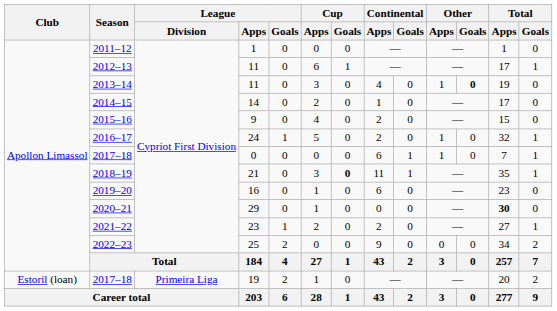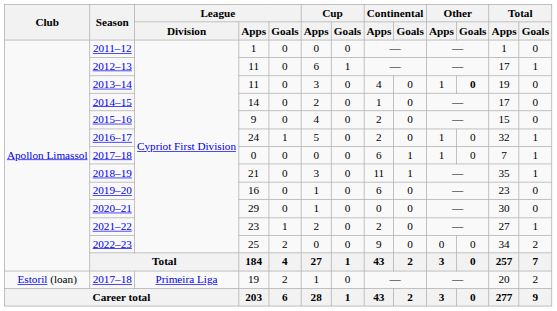 <table class="wikitable" style="text-align:center">
 <tr>
 <th rowspan="2">Club</th>
 <th rowspan="2">Season</th>
 <th colspan="3">League</th>
 <th colspan="2">Cup</th>
 <th colspan="2">Continental</th>
 <th colspan="2">Other</th>
 <th colspan="2">Total</th>
 </tr>
 <tr>
 <th>Division</th>
 <th>Apps</th>
 <th>Goals</th>
 <th>Apps</th>
 <th>Goals</th>
 <th>Apps</th>
 <th>Goals</th>
 <th>Apps</th>
 <th>Goals</th>
 <th>Apps</th>
 <th>Goals</th>
 </tr>
 <tr>
 <td rowspan="13"><a href='#'>Apollon Limassol</a></td>
 <td><a href='#'>2011–12</a></td>
 <td rowspan="12"><a href='#'>Cypriot First Division</a></td>
 <td>1</td>
 <td>0</td>
 <td>0</td>
 <td>0</td>
 <td colspan="2">—</td>
 <td colspan="2">—</td>
 <td>1</td>
 <td>0</td>
 </tr>
 <tr>
 <td><a href='#'>2012–13</a></td>
 <td>11</td>
 <td>0</td>
 <td>6</td>
 <td>1</td>
 <td colspan="2">—</td>
 <td colspan="2">—</td>
 <td>17</td>
 <td>1</td>
 </tr>
 <tr>
 <td><a href='#'>2013–14</a></td>
 <td>11</td>
 <td>0</td>
 <td>3</td>
 <td>0</td>
 <td>4</td>
 <td>0</td>
 <td>1</td>
 <td><strong>0</strong></td>
 <td>19</td>
 <td>0</td>
 </tr>
 <tr>
 <td><a href='#'>2014–15</a></td>
 <td>14</td>
 <td>0</td>
 <td>2</td>
 <td>0</td>
 <td>1</td>
 <td>0</td>
 <td colspan="2">—</td>
 <td>17</td>
 <td>0</td>
 </tr>
 <tr>
 <td><a href='#'>2015–16</a></td>
 <td>9</td>
 <td>0</td>
 <td>4</td>
 <td>0</td>
 <td>2</td>
 <td>0</td>
 <td colspan="2">—</td>
 <td>15</td>
 <td>0</td>
 </tr>
 <tr>
 <td><a href='#'>2016–17</a></td>
 <td>24</td>
 <td>1</td>
 <td>5</td>
 <td>0</td>
 <td>2</td>
 <td>0</td>
 <td>1</td>
 <td>0</td>
 <td>32</td>
 <td>1</td>
 </tr>
 <tr>
 <td><a href='#'>2017–18</a></td>
 <td>0</td>
 <td>0</td>
 <td>0</td>
 <td>0</td>
 <td>6</td>
 <td>1</td>
 <td>1</td>
 <td>0</td>
 <td>7</td>
 <td>1</td>
 </tr>
 <tr>
 <td><a href='#'>2018–19</a></td>
 <td>21</td>
 <td>0</td>
 <td>3</td>
-<td><strong>0</strong></td>
+<td>0</td>
 <td>11</td>
 <td>1</td>
 <td colspan="2">—</td>
 <td>35</td>
 <td>1</td>
 </tr>
 <tr>
 <td><a href='#'>2019–20</a></td>
 <td>16</td>
 <td>0</td>
 <td>1</td>
 <td>0</td>
 <td>6</td>
 <td>0</td>
 <td colspan="2">—</td>
 <td>23</td>
 <td>0</td>
 </tr>
 <tr>
 <td><a href='#'>2020–21</a></td>
 <td>29</td>
 <td>0</td>
 <td>1</td>
 <td>0</td>
 <td>0</td>
 <td>0</td>
 <td colspan="2">—</td>
-<td><strong>30</strong></td>
+<td>30</td>
 <td>0</td>
 </tr>
 <tr>
 <td><a href='#'>2021–22</a></td>
 <td>23</td>
 <td>1</td>
 <td>2</td>
 <td>0</td>
 <td>2</td>
 <td>0</td>
 <td colspan="2">—</td>
 <td>27</td>
 <td>1</td>
 </tr>
 <tr>
 <td><a href='#'>2022–23</a></td>
 <td>25</td>
 <td>2</td>
 <td>0</td>
 <td>0</td>
 <td>9</td>
 <td>0</td>
 <td>0</td>
 <td>0</td>
 <td>34</td>
 <td>2</td>
 </tr>
 <tr>
 <th colspan="2">Total</th>
 <th>184</th>
 <th>4</th>
 <th>27</th>
 <th>1</th>
 <th>43</th>
 <th>2</th>
 <th>3</th>
 <th>0</th>
 <th>257</th>
 <th>7</th>
 </tr>
 <tr>
 <td><a href='#'>Estoril</a> (loan)</td>
 <td><a href='#'>2017–18</a></td>
 <td><a href='#'>Primeira Liga</a></td>
 <td>19</td>
 <td>2</td>
 <td>1</td>
 <td>0</td>
 <td colspan="2">—</td>
 <td colspan="2">—</td>
 <td>20</td>
 <td>2</td>
 </tr>
 <tr>
 <th colspan="3">Career total</th>
 <th>203</th>
 <th>6</th>
 <th>28</th>
 <th>1</th>
 <th>43</th>
 <th>2</th>
 <th>3</th>
 <th>0</th>
 <th>277</th>
 <th>9</th>
 </tr>
 </table>
